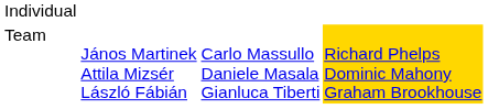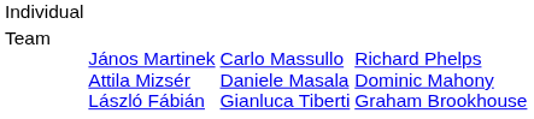 <table>
 <tr valign="top">
 <td>Individual<br></td>
 <td></td>
 <td></td>
 <td></td>
 </tr>
 <tr valign="top">
 <td>Team<br></td>
 <td valign=top><br><a href='#'>János Martinek</a><br><a href='#'>Attila Mizsér</a><br><a href='#'>László Fábián</a></td>
 <td valign=top><br><a href='#'>Carlo Massullo</a><br><a href='#'>Daniele Masala</a><br><a href='#'>Gianluca Tiberti</a></td>
-<td valign=top style="background: gold;"><br><a href='#'>Richard Phelps</a><br><a href='#'>Dominic Mahony</a><br> <a href='#'>Graham Brookhouse</a></td>
+<td valign=top><br><a href='#'>Richard Phelps</a><br><a href='#'>Dominic Mahony</a><br> <a href='#'>Graham Brookhouse</a></td>
 </tr>
 </table>
